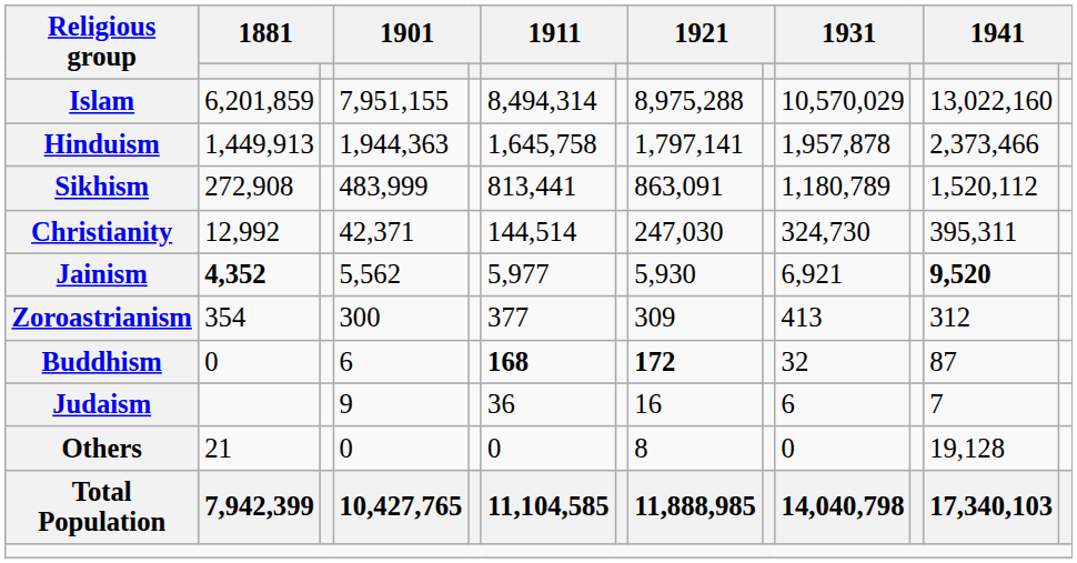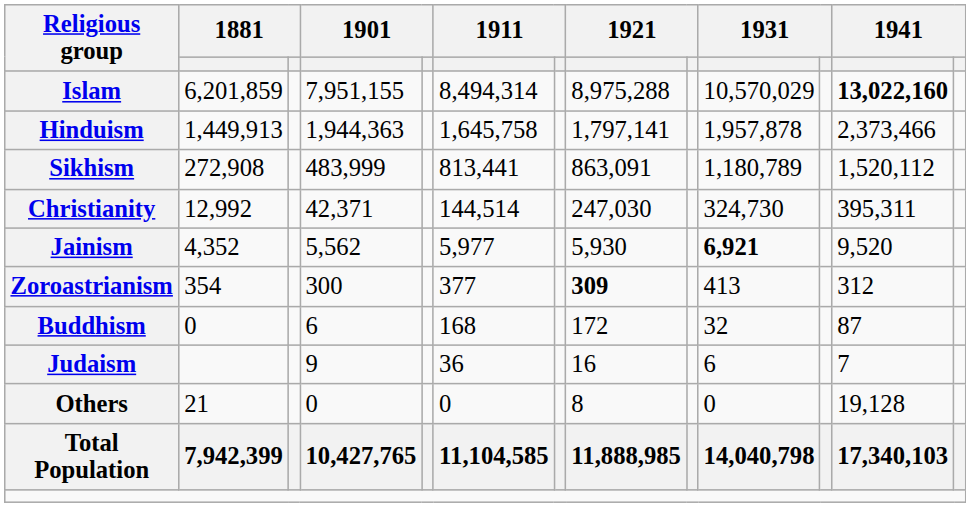 <table class="wikitable sortable">
 <tr>
 <th rowspan="2"><a href='#'>Religious</a><br>group</th>
 <th colspan="2">1881</th>
 <th colspan="2">1901</th>
 <th colspan="2">1911</th>
 <th colspan="2">1921</th>
 <th colspan="2">1931</th>
 <th colspan="2">1941</th>
 </tr>
 <tr>
 <th><a href='#'></a></th>
 <th></th>
 <th></th>
 <th></th>
 <th></th>
 <th></th>
 <th></th>
 <th></th>
 <th></th>
 <th></th>
 <th></th>
 <th></th>
 </tr>
 <tr>
 <th><a href='#'>Islam</a> </th>
 <td>6,201,859</td>
 <td></td>
 <td>7,951,155</td>
 <td></td>
 <td>8,494,314</td>
 <td></td>
 <td>8,975,288</td>
 <td></td>
 <td>10,570,029</td>
 <td></td>
-<td>13,022,160</td>
+<td><strong>13,022,160</strong></td>
 <td></td>
 </tr>
 <tr>
 <th><a href='#'>Hinduism</a> </th>
 <td>1,449,913</td>
 <td></td>
 <td>1,944,363</td>
 <td></td>
 <td>1,645,758</td>
 <td></td>
 <td>1,797,141</td>
 <td></td>
 <td>1,957,878</td>
 <td></td>
 <td>2,373,466</td>
 <td></td>
 </tr>
 <tr>
 <th><a href='#'>Sikhism</a> </th>
 <td>272,908</td>
 <td></td>
 <td>483,999</td>
 <td></td>
 <td>813,441</td>
 <td></td>
 <td>863,091</td>
 <td></td>
 <td>1,180,789</td>
 <td></td>
 <td>1,520,112</td>
 <td></td>
 </tr>
 <tr>
 <th><a href='#'>Christianity</a> </th>
 <td>12,992</td>
 <td></td>
 <td>42,371</td>
 <td></td>
 <td>144,514</td>
 <td></td>
 <td>247,030</td>
 <td></td>
 <td>324,730</td>
 <td></td>
 <td>395,311</td>
 <td></td>
 </tr>
 <tr>
 <th><a href='#'>Jainism</a> </th>
-<td><strong>4,352</strong></td>
+<td>4,352</td>
 <td></td>
 <td>5,562</td>
 <td></td>
 <td>5,977</td>
 <td></td>
 <td>5,930</td>
 <td></td>
-<td>6,921</td>
+<td><strong>6,921</strong></td>
 <td></td>
-<td><strong>9,520</strong></td>
+<td>9,520</td>
 <td></td>
 </tr>
 <tr>
 <th><a href='#'>Zoroastrianism</a> </th>
 <td>354</td>
 <td></td>
 <td>300</td>
 <td></td>
 <td>377</td>
 <td></td>
-<td>309</td>
+<td><strong>309</strong></td>
 <td></td>
 <td>413</td>
 <td></td>
 <td>312</td>
 <td></td>
 </tr>
 <tr>
 <th><a href='#'>Buddhism</a> </th>
 <td>0</td>
 <td></td>
 <td>6</td>
 <td></td>
-<td><strong>168</strong></td>
+<td>168</td>
 <td></td>
-<td><strong>172</strong></td>
+<td>172</td>
 <td></td>
 <td>32</td>
 <td></td>
 <td>87</td>
 <td></td>
 </tr>
 <tr>
 <th><a href='#'>Judaism</a> </th>
 <td></td>
 <td></td>
 <td>9</td>
 <td></td>
 <td>36</td>
 <td></td>
 <td>16</td>
 <td></td>
 <td>6</td>
 <td></td>
 <td>7</td>
 <td></td>
 </tr>
 <tr>
 <th>Others</th>
 <td>21</td>
 <td></td>
 <td>0</td>
 <td></td>
 <td>0</td>
 <td></td>
 <td>8</td>
 <td></td>
 <td>0</td>
 <td></td>
 <td>19,128</td>
 <td></td>
 </tr>
 <tr>
 <th>Total Population</th>
 <th>7,942,399</th>
 <th></th>
 <th>10,427,765</th>
 <th></th>
 <th>11,104,585</th>
 <th></th>
 <th>11,888,985</th>
 <th></th>
 <th>14,040,798</th>
 <th></th>
 <th>17,340,103</th>
 <th></th>
 </tr>
 <tr class="sortbottom">
 <td colspan="14"></td>
 </tr>
 </table>
